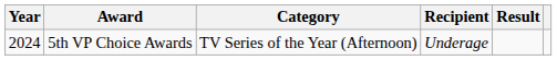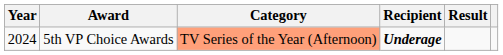 <table class="wikitable">
 <tr>
 <th>Year</th>
 <th>Award</th>
 <th>Category</th>
 <th>Recipient</th>
 <th>Result</th>
 <th></th>
 </tr>
 <tr>
 <td rowspan=5>2024</td>
 <td rowspan=5>5th VP Choice Awards</td>
-<td>TV Series of the Year (Afternoon)</td>
-<td><em>Underage</em></td>
+<td style="background: lightsalmon;">TV Series of the Year (Afternoon)</td>
+<td><strong><em>Underage</em></strong></td>
 <td></td>
 <td></td>
 </tr>
 </table>
